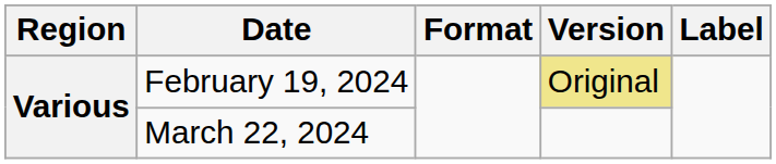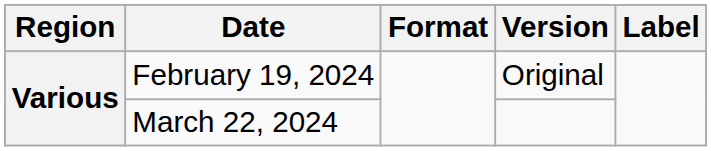 <table class="wikitable plainrowheaders">
 <tr>
 <th scope="col">Region</th>
 <th scope="col">Date</th>
 <th scope="col">Format</th>
 <th scope="col">Version</th>
 <th scope="col">Label</th>
 </tr>
 <tr>
 <th scope="row" rowspan="3">Various </th>
 <td>February 19, 2024</td>
 <td rowspan="2"></td>
-<td style="background: khaki;">Original</td>
+<td>Original</td>
 <td rowspan="2"></td>
 </tr>
 <tr>
 <td>March 22, 2024</td>
 <td></td>
 </tr>
 </table>
